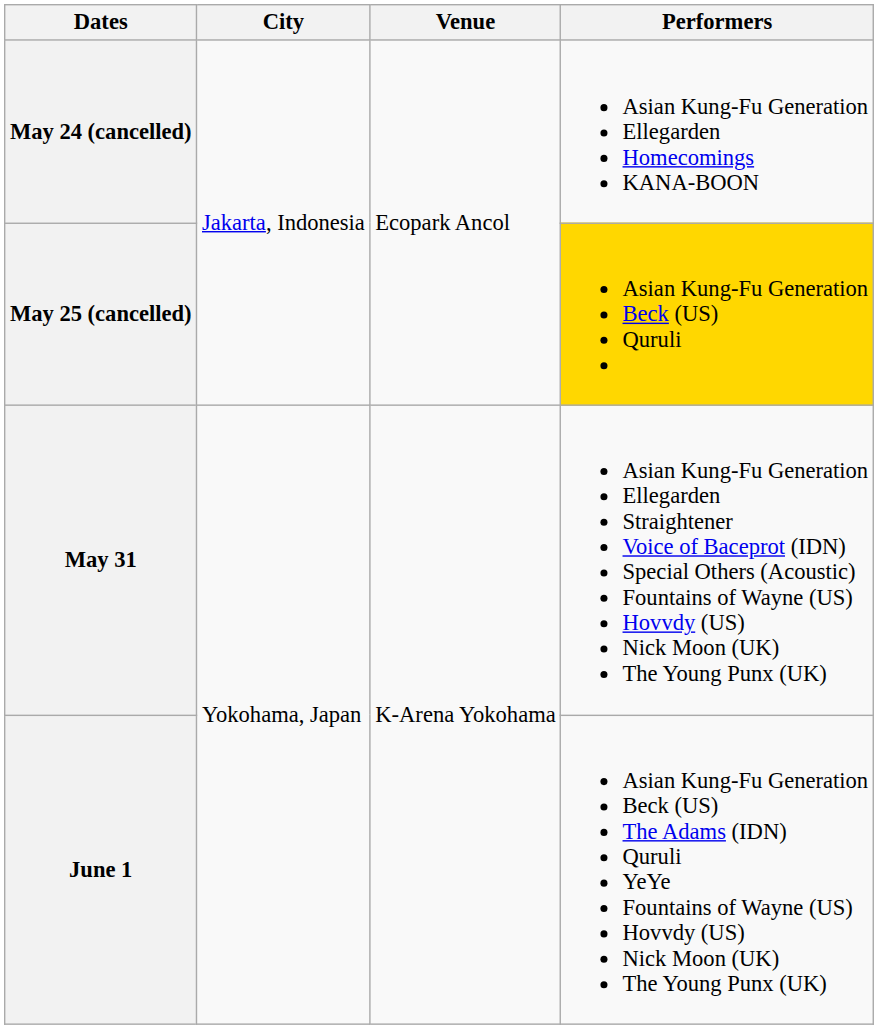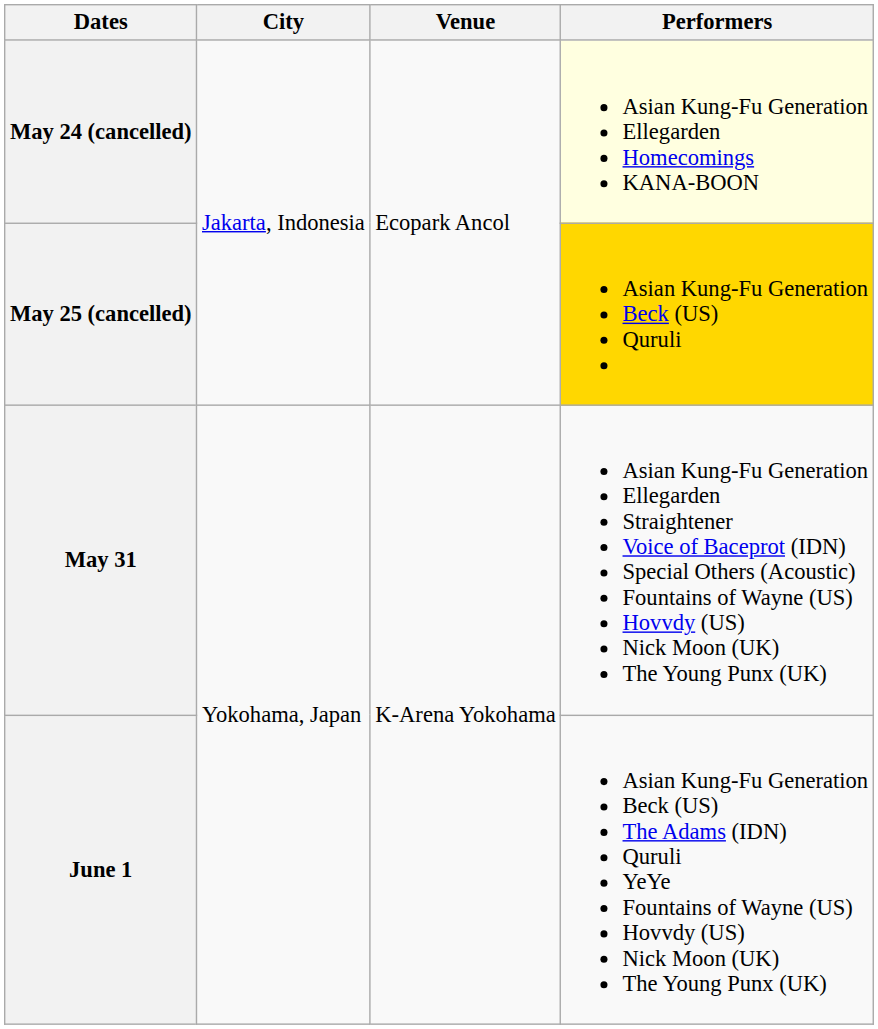 <table class="wikitable">
 <tr>
 <th>Dates</th>
 <th>City</th>
 <th>Venue</th>
 <th>Performers</th>
 </tr>
 <tr>
 <th>May 24 (cancelled)</th>
 <td rowspan="2"><a href='#'>Jakarta</a>, Indonesia</td>
 <td rowspan="2">Ecopark Ancol</td>
-<td><br><ul><li>Asian Kung-Fu Generation</li><li>Ellegarden</li><li><a href='#'>Homecomings</a></li><li>KANA-BOON</li></ul></td>
+<td style="background: lightyellow;"><br><ul><li>Asian Kung-Fu Generation</li><li>Ellegarden</li><li><a href='#'>Homecomings</a></li><li>KANA-BOON</li></ul></td>
 </tr>
 <tr>
 <th>May 25 (cancelled)</th>
 <td style="background: gold;"><br><ul><li>Asian Kung-Fu Generation</li><li><a href='#'>Beck</a> (US)</li><li>Quruli</li><li></li></ul></td>
 </tr>
 <tr>
 <th>May 31</th>
 <td rowspan="2">Yokohama, Japan</td>
 <td rowspan="2">K-Arena Yokohama</td>
 <td><br><ul><li>Asian Kung-Fu Generation</li><li>Ellegarden</li><li>Straightener</li><li><a href='#'>Voice of Baceprot</a> (IDN)</li><li>Special Others (Acoustic)</li><li>Fountains of Wayne (US)</li><li><a href='#'>Hovvdy</a> (US)</li><li>Nick Moon (UK)</li><li>The Young Punx (UK)</li></ul></td>
 </tr>
 <tr>
 <th>June 1</th>
 <td><br><ul><li>Asian Kung-Fu Generation</li><li>Beck (US)</li><li><a href='#'>The Adams</a> (IDN)</li><li>Quruli</li><li>YeYe</li><li>Fountains of Wayne (US)</li><li>Hovvdy (US)</li><li>Nick Moon (UK)</li><li>The Young Punx (UK)</li></ul></td>
 </tr>
 </table>
